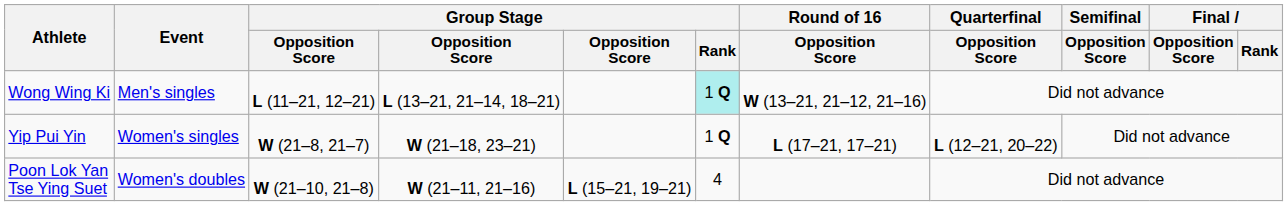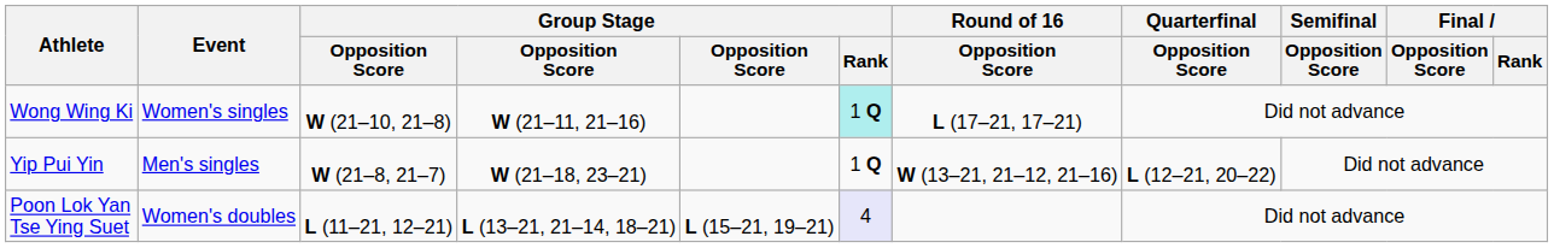 <table class="wikitable" style="text-align:left; font-size:90%">
 <tr>
 <th rowspan=2>Athlete</th>
 <th rowspan=2>Event</th>
 <th colspan=4>Group Stage</th>
 <th>Round of 16</th>
 <th>Quarterfinal</th>
 <th>Semifinal</th>
 <th colspan=2>Final / </th>
 </tr>
 <tr style="font-size:95%">
 <th>Opposition<br>Score</th>
 <th>Opposition<br>Score</th>
 <th>Opposition<br>Score</th>
 <th>Rank</th>
 <th>Opposition<br>Score</th>
 <th>Opposition<br>Score</th>
 <th>Opposition<br>Score</th>
 <th>Opposition<br>Score</th>
 <th>Rank</th>
 </tr>
 <tr align=center>
 <td align=left><a href='#'>Wong Wing Ki</a></td>
-<td align=left><a href='#'>Men's singles</a></td>
-<td><br> <strong>L</strong> (11–21, 12–21)</td>
-<td><br> <strong>L</strong> (13–21, 21–14, 18–21)</td>
+<td align=left><a href='#'>Women's singles</a></td>
+<td><br><strong>W</strong> (21–10, 21–8)</td>
+<td><br><strong>W</strong> (21–11, 21–16)</td>
 <td></td>
 <td style="background: paleturquoise;">1 <strong>Q</strong></td>
-<td><br><strong>W</strong> (13–21, 21–12, 21–16)</td>
+<td><br><strong>L</strong> (17–21, 17–21)</td>
 <td colspan=4>Did not advance</td>
 </tr>
 <tr align=center>
 <td align=left><a href='#'>Yip Pui Yin</a></td>
-<td align=left><a href='#'>Women's singles</a></td>
+<td align=left><a href='#'>Men's singles</a></td>
 <td><br> <strong>W</strong> (21–8, 21–7)</td>
 <td><br> <strong>W</strong> (21–18, 23–21)</td>
 <td></td>
 <td>1 <strong>Q</strong></td>
-<td><br><strong>L</strong> (17–21, 17–21)</td>
+<td><br><strong>W</strong> (13–21, 21–12, 21–16)</td>
 <td><br><strong>L</strong> (12–21, 20–22)</td>
 <td colspan=3>Did not advance</td>
 </tr>
 <tr align=center>
 <td align=left><a href='#'>Poon Lok Yan</a><br><a href='#'>Tse Ying Suet</a></td>
 <td align=left><a href='#'>Women's doubles</a></td>
-<td><br><strong>W</strong> (21–10, 21–8)</td>
-<td><br><strong>W</strong> (21–11, 21–16)</td>
+<td><br> <strong>L</strong> (11–21, 12–21)</td>
+<td><br> <strong>L</strong> (13–21, 21–14, 18–21)</td>
 <td><br> <strong>L</strong> (15–21, 19–21)</td>
-<td>4</td>
+<td style="background: lavender;">4</td>
 <td></td>
 <td colspan=4>Did not advance</td>
 </tr>
 </table>
